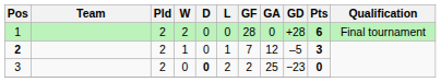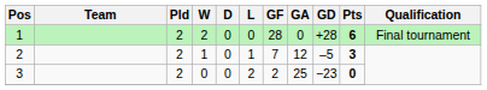 <table class="wikitable" border="1" style="text-align: center;">
 <tr>
 <th width="25"><abbr>Pos</abbr></th>
 <th width="190">Team</th>
 <th width="25"><abbr>Pld</abbr></th>
 <th width="25"><abbr>W</abbr></th>
 <th width="25"><abbr>D</abbr></th>
 <th width="25"><abbr>L</abbr></th>
 <th width="25"><abbr>GF</abbr></th>
 <th width="25"><abbr>GA</abbr></th>
 <th width="25"><abbr>GD</abbr></th>
 <th width="25"><abbr>Pts</abbr></th>
 <th width="150">Qualification</th>
 </tr>
 <tr bgcolor = #BBF3BB>
 <td>1</td>
 <td align="left"></td>
 <td>2</td>
 <td>2</td>
 <td>0</td>
 <td>0</td>
 <td>28</td>
 <td>0</td>
 <td>+28</td>
 <td><strong>6</strong></td>
 <td>Final tournament</td>
 </tr>
 <tr>
-<td><strong>2</strong></td>
+<td>2</td>
 <td align="left"></td>
 <td>2</td>
 <td>1</td>
 <td>0</td>
 <td>1</td>
 <td>7</td>
 <td>12</td>
 <td>–5</td>
 <td><strong>3</strong></td>
 </tr>
 <tr>
 <td>3</td>
 <td align="left"></td>
 <td>2</td>
 <td>0</td>
-<td><strong>0</strong></td>
+<td>0</td>
 <td>2</td>
 <td>2</td>
 <td>25</td>
 <td>−23</td>
 <td><strong>0</strong></td>
 </tr>
 <tr>
 </tr>
 </table>
